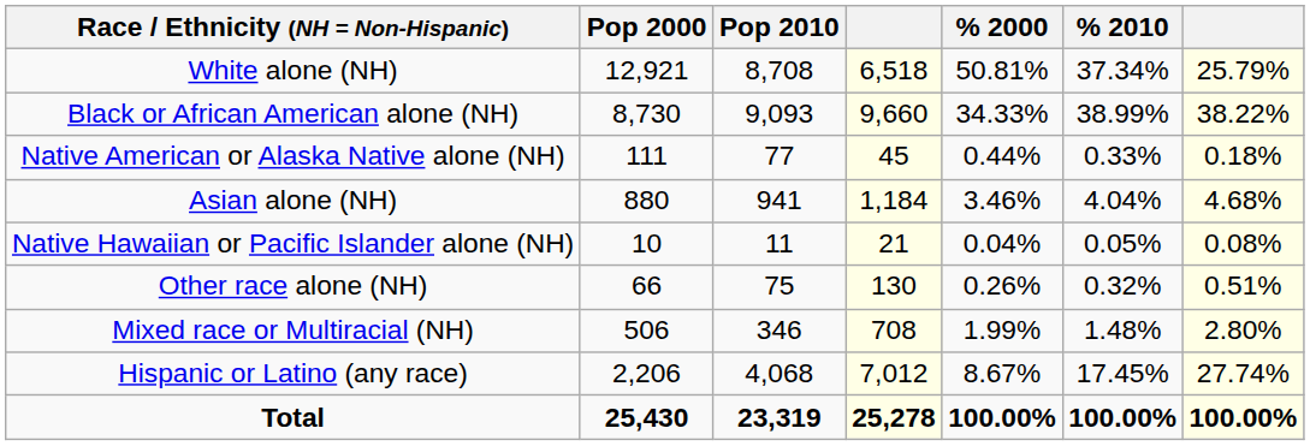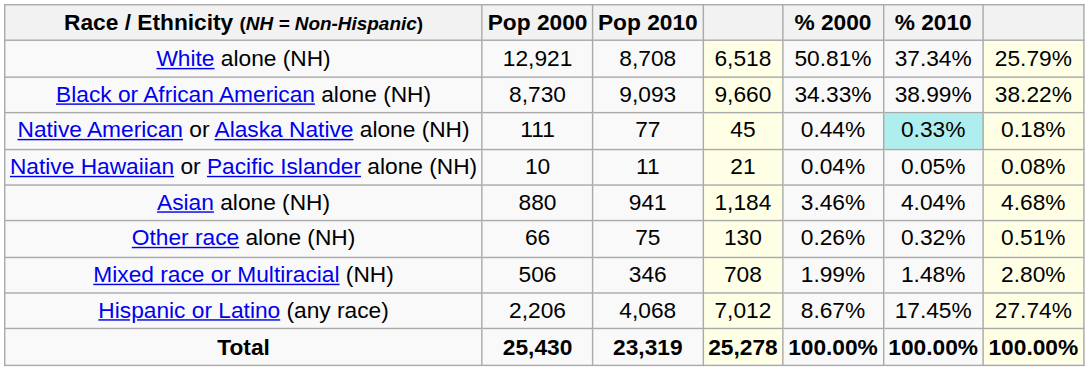 <table class="wikitable" style="text-align:center;">
 <tr>
 <th>Race / Ethnicity <small>(<em>NH = Non-Hispanic</em>)</small></th>
 <th>Pop 2000</th>
 <th>Pop 2010</th>
 <th></th>
 <th>% 2000</th>
 <th>% 2010</th>
 <th></th>
 </tr>
 <tr>
 <td><a href='#'>White</a> alone (NH)</td>
 <td>12,921</td>
 <td>8,708</td>
 <td style='background: #ffffe6;'>6,518</td>
 <td>50.81%</td>
 <td>37.34%</td>
 <td style='background: #ffffe6;'>25.79%</td>
 </tr>
 <tr>
 <td><a href='#'>Black or African American</a> alone (NH)</td>
 <td>8,730</td>
 <td>9,093</td>
 <td style='background: #ffffe6;'>9,660</td>
 <td>34.33%</td>
 <td>38.99%</td>
 <td style='background: #ffffe6;'>38.22%</td>
 </tr>
 <tr>
 <td><a href='#'>Native American</a> or <a href='#'>Alaska Native</a> alone (NH)</td>
 <td>111</td>
 <td>77</td>
 <td style='background: #ffffe6;'>45</td>
 <td>0.44%</td>
-<td>0.33%</td>
+<td style="background: paleturquoise;">0.33%</td>
 <td style='background: #ffffe6;'>0.18%</td>
+</tr>
+<tr>
+<td><a href='#'>Native Hawaiian</a> or <a href='#'>Pacific Islander</a> alone (NH)</td>
+<td>10</td>
+<td>11</td>
+<td style='background: #ffffe6;'>21</td>
+<td>0.04%</td>
+<td>0.05%</td>
+<td style='background: #ffffe6;'>0.08%</td>
 </tr>
 <tr>
 <td><a href='#'>Asian</a> alone (NH)</td>
 <td>880</td>
 <td>941</td>
 <td style='background: #ffffe6;'>1,184</td>
 <td>3.46%</td>
 <td>4.04%</td>
 <td style='background: #ffffe6;'>4.68%</td>
-</tr>
-<tr>
-<td><a href='#'>Native Hawaiian</a> or <a href='#'>Pacific Islander</a> alone (NH)</td>
-<td>10</td>
-<td>11</td>
-<td style='background: #ffffe6;'>21</td>
-<td>0.04%</td>
-<td>0.05%</td>
-<td style='background: #ffffe6;'>0.08%</td>
 </tr>
 <tr>
 <td><a href='#'>Other race</a> alone (NH)</td>
 <td>66</td>
 <td>75</td>
 <td style='background: #ffffe6;'>130</td>
 <td>0.26%</td>
 <td>0.32%</td>
 <td style='background: #ffffe6;'>0.51%</td>
 </tr>
 <tr>
 <td><a href='#'>Mixed race or Multiracial</a> (NH)</td>
 <td>506</td>
 <td>346</td>
 <td style='background: #ffffe6;'>708</td>
 <td>1.99%</td>
 <td>1.48%</td>
 <td style='background: #ffffe6;'>2.80%</td>
 </tr>
 <tr>
 <td><a href='#'>Hispanic or Latino</a> (any race)</td>
 <td>2,206</td>
 <td>4,068</td>
 <td style='background: #ffffe6;'>7,012</td>
 <td>8.67%</td>
 <td>17.45%</td>
 <td style='background: #ffffe6;'>27.74%</td>
 </tr>
 <tr>
 <td><strong>Total</strong></td>
 <td><strong>25,430</strong></td>
 <td><strong>23,319</strong></td>
 <td style='background: #ffffe6;'><strong>25,278</strong></td>
 <td><strong>100.00%</strong></td>
 <td><strong>100.00%</strong></td>
 <td style='background: #ffffe6;'><strong>100.00%</strong></td>
 </tr>
 </table>
